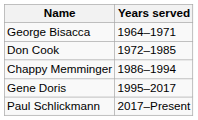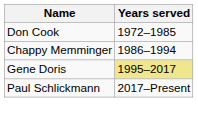 <table class="wikitable"; style= "text-align: ">
 <tr>
 <th width=px>Name</th>
 <th width=px>Years served</th>
-</tr>
-<tr>
-<td>George Bisacca</td>
-<td>1964–1971</td>
 </tr>
 <tr>
 <td>Don Cook</td>
 <td>1972–1985</td>
 </tr>
 <tr>
 <td>Chappy Memminger</td>
 <td>1986–1994</td>
 </tr>
 <tr>
 <td>Gene Doris</td>
-<td>1995–2017</td>
+<td style="background: khaki;">1995–2017</td>
 </tr>
 <tr>
 <td>Paul Schlickmann</td>
 <td>2017–Present</td>
 </tr>
 </table>
